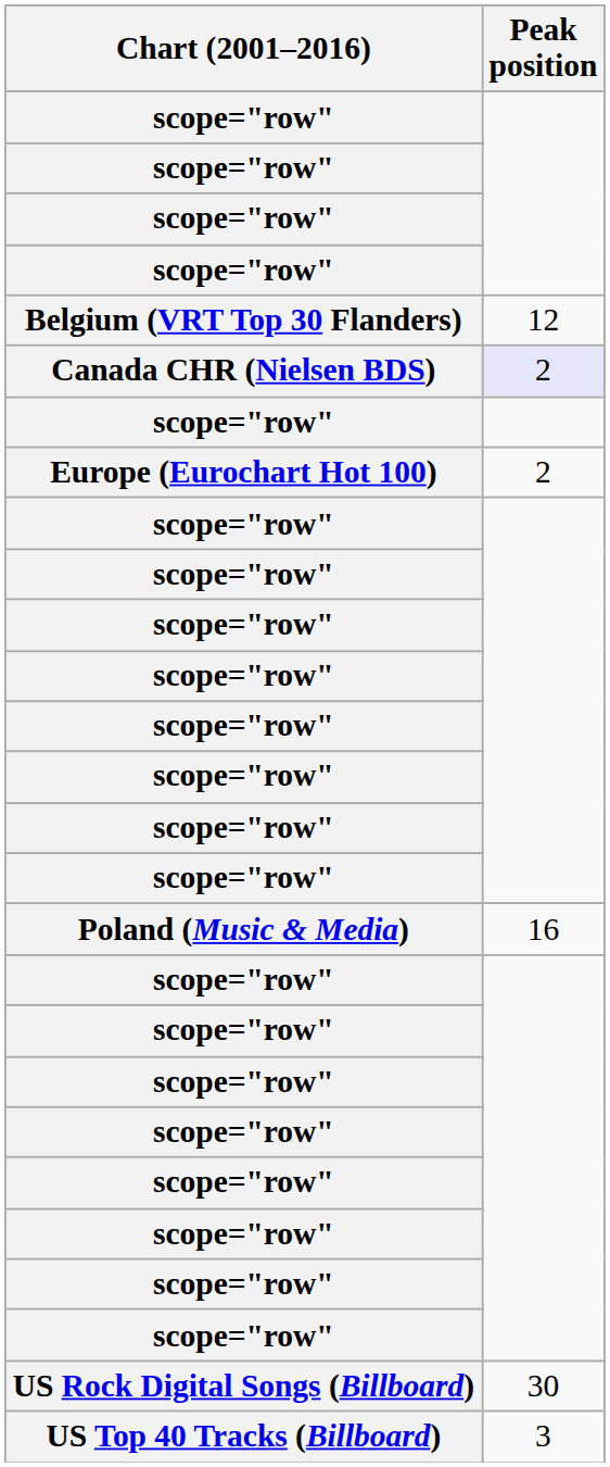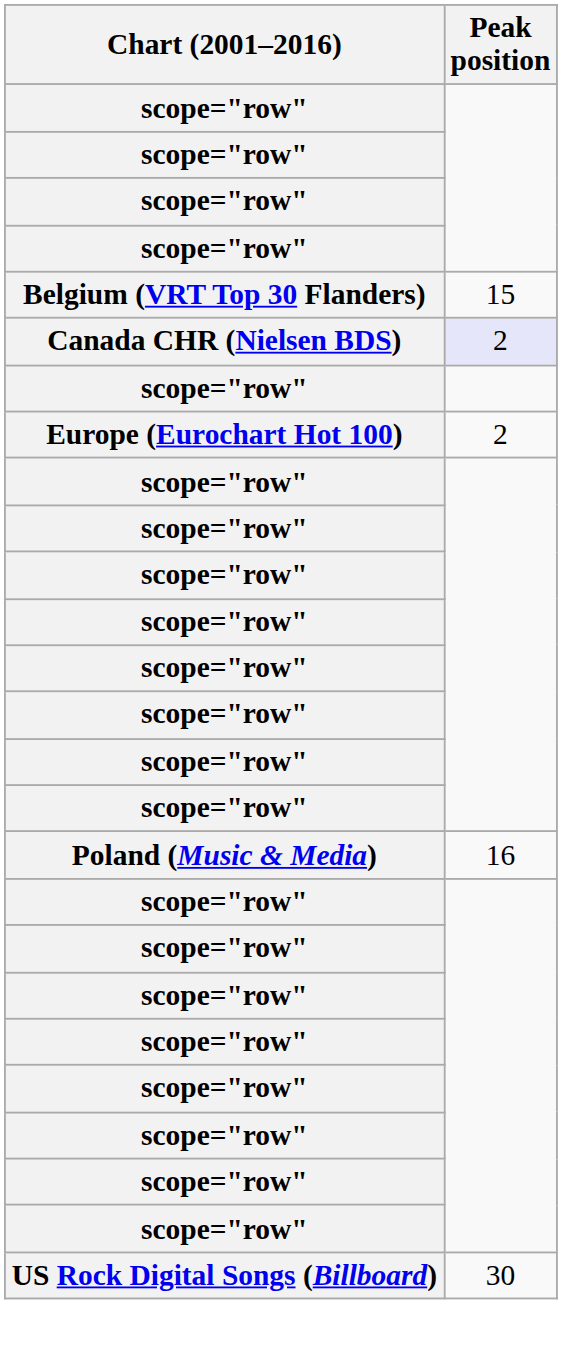 <table class="wikitable sortable plainrowheaders" style="text-align:center">
 <tr>
 <th scope="col">Chart (2001–2016)</th>
 <th scope="col">Peak<br>position</th>
 </tr>
 <tr>
 <th>scope="row"</th>
 </tr>
 <tr>
 <th>scope="row"</th>
 </tr>
 <tr>
 <th>scope="row"</th>
 </tr>
 <tr>
 <th>scope="row"</th>
 </tr>
 <tr>
 <th scope="row">Belgium (<a href='#'>VRT Top 30</a> Flanders)</th>
-<td>12</td>
+<td>15</td>
 </tr>
 <tr>
 <th scope="row">Canada CHR (<a href='#'>Nielsen BDS</a>)</th>
 <td style="background: lavender;">2</td>
 </tr>
 <tr>
 <th>scope="row"</th>
 </tr>
 <tr>
 <th scope="row">Europe (<a href='#'>Eurochart Hot 100</a>)</th>
 <td>2</td>
 </tr>
 <tr>
 <th>scope="row"</th>
 </tr>
 <tr>
 <th>scope="row"</th>
 </tr>
 <tr>
 <th>scope="row"</th>
 </tr>
 <tr>
 <th>scope="row"</th>
 </tr>
 <tr>
 <th>scope="row"</th>
 </tr>
 <tr>
 <th>scope="row"</th>
 </tr>
 <tr>
 <th>scope="row"</th>
 </tr>
 <tr>
 <th>scope="row"</th>
 </tr>
 <tr>
 <th scope="row">Poland (<em><a href='#'>Music & Media</a></em>)</th>
 <td>16</td>
 </tr>
 <tr>
 <th>scope="row"</th>
 </tr>
 <tr>
 <th>scope="row"</th>
 </tr>
 <tr>
 <th>scope="row"</th>
 </tr>
 <tr>
 <th>scope="row"</th>
 </tr>
 <tr>
 <th>scope="row"</th>
 </tr>
 <tr>
 <th>scope="row"</th>
 </tr>
 <tr>
 <th>scope="row"</th>
 </tr>
 <tr>
 <th>scope="row"</th>
 </tr>
 <tr>
 <th scope="row">US <a href='#'>Rock Digital Songs</a> (<a href='#'><em>Billboard</em></a>)</th>
 <td>30</td>
 </tr>
-<tr>
-<th scope="row">US <a href='#'>Top 40 Tracks</a> (<em><a href='#'>Billboard</a></em>)</th>
-<td>3</td>
-</tr>
 </table>
